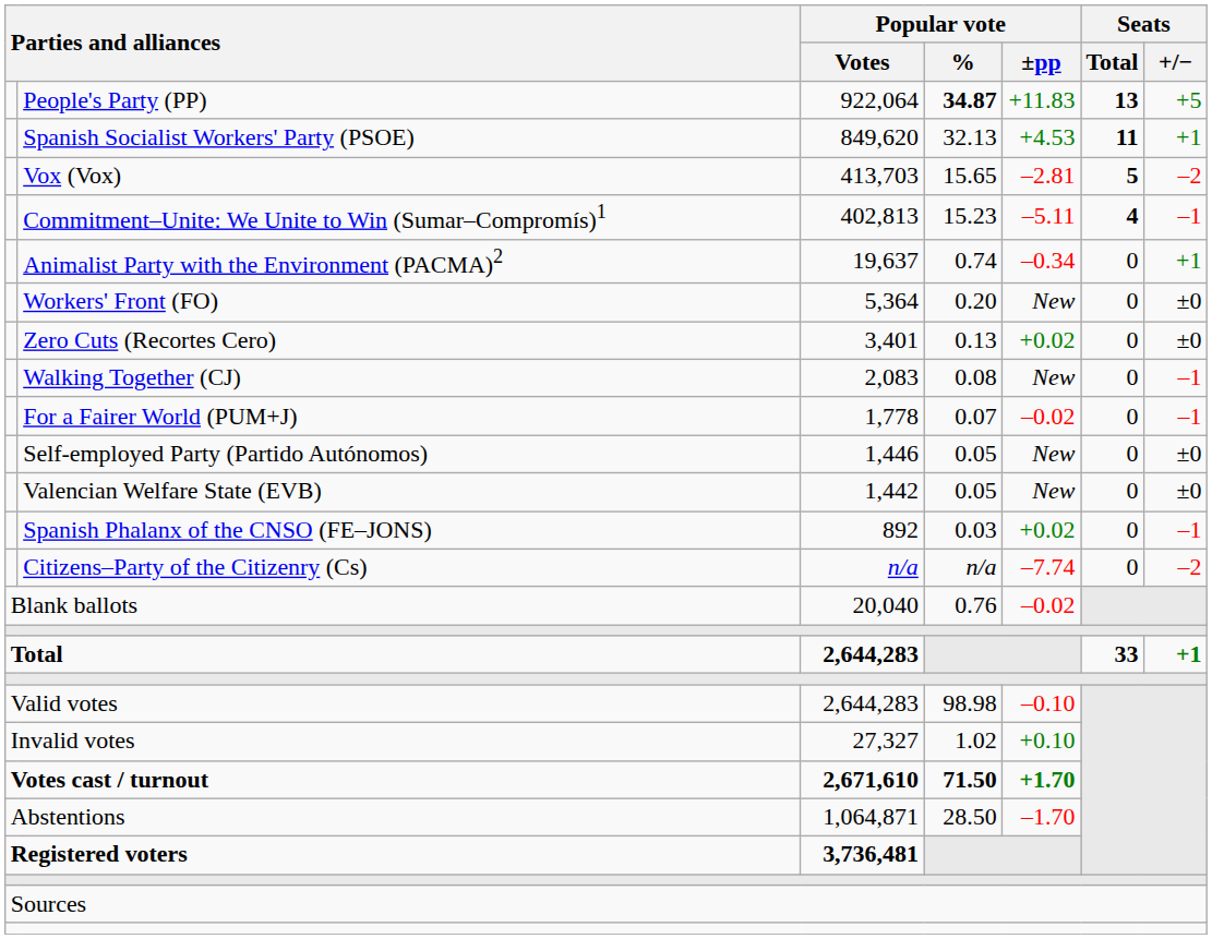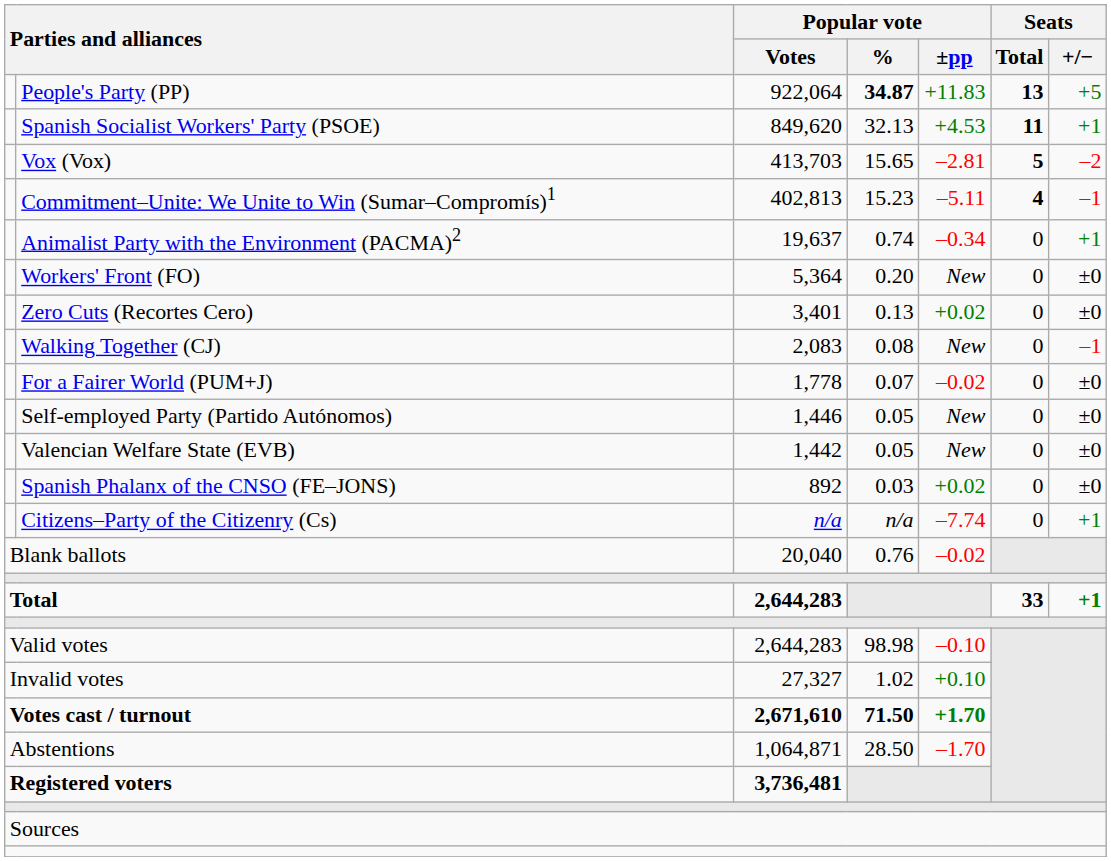 <table class="wikitable" style="text-align:right;">
 <tr>
 <th style="text-align:left;" rowspan="2" colspan="2" width="525">Parties and alliances</th>
 <th colspan="3">Popular vote</th>
 <th colspan="2">Seats</th>
 </tr>
 <tr>
 <th width="75">Votes</th>
 <th width="45">%</th>
 <th width="45">±<a href='#'>pp</a></th>
 <th width="35">Total</th>
 <th width="35">+/−</th>
 </tr>
 <tr>
 <td width="1" style="color:inherit;background:"></td>
 <td align="left"><a href='#'>People's Party</a> (PP)</td>
 <td>922,064</td>
 <td><strong>34.87</strong></td>
 <td style="color:green;">+11.83</td>
 <td><strong>13</strong></td>
 <td style="color:green;">+5</td>
 </tr>
 <tr>
 <td style="color:inherit;background:"></td>
 <td align="left"><a href='#'>Spanish Socialist Workers' Party</a> (PSOE)</td>
 <td>849,620</td>
 <td>32.13</td>
 <td style="color:green;">+4.53</td>
 <td><strong>11</strong></td>
 <td style="color:green;">+1</td>
 </tr>
 <tr>
 <td style="color:inherit;background:"></td>
 <td align="left"><a href='#'>Vox</a> (Vox)</td>
 <td>413,703</td>
 <td>15.65</td>
 <td style="color:red;">–2.81</td>
 <td><strong>5</strong></td>
 <td style="color:red;">–2</td>
 </tr>
 <tr>
 <td style="color:inherit;background:"></td>
 <td align="left"><a href='#'>Commitment–Unite: We Unite to Win</a> (Sumar–Compromís)<sup>1</sup></td>
 <td>402,813</td>
 <td>15.23</td>
 <td style="color:red;">–5.11</td>
 <td><strong>4</strong></td>
 <td style="color:red;">–1</td>
 </tr>
 <tr>
 <td style="color:inherit;background:"></td>
 <td align="left"><a href='#'>Animalist Party with the Environment</a> (PACMA)<sup>2</sup></td>
 <td>19,637</td>
 <td>0.74</td>
 <td style="color:red;">–0.34</td>
 <td>0</td>
 <td style="color:green;">+1</td>
 </tr>
 <tr>
 <td style="color:inherit;background:"></td>
 <td align="left"><a href='#'>Workers' Front</a> (FO)</td>
 <td>5,364</td>
 <td>0.20</td>
 <td><em>New</em></td>
 <td>0</td>
 <td>±0</td>
 </tr>
 <tr>
 <td style="color:inherit;background:"></td>
 <td align="left"><a href='#'>Zero Cuts</a> (Recortes Cero)</td>
 <td>3,401</td>
 <td>0.13</td>
 <td style="color:green;">+0.02</td>
 <td>0</td>
 <td>±0</td>
 </tr>
 <tr>
 <td style="color:inherit;background:"></td>
 <td align="left"><a href='#'>Walking Together</a> (CJ)</td>
 <td>2,083</td>
 <td>0.08</td>
 <td><em>New</em></td>
 <td>0</td>
 <td style="color:red;">–1</td>
 </tr>
 <tr>
 <td style="color:inherit;background:"></td>
 <td align="left"><a href='#'>For a Fairer World</a> (PUM+J)</td>
 <td>1,778</td>
 <td>0.07</td>
 <td style="color:red;">–0.02</td>
 <td>0</td>
-<td style="color:red;">–1</td>
+<td>±0</td>
 </tr>
 <tr>
 <td style="color:inherit;background:"></td>
 <td align="left">Self-employed Party (Partido Autónomos)</td>
 <td>1,446</td>
 <td>0.05</td>
 <td><em>New</em></td>
 <td>0</td>
 <td>±0</td>
 </tr>
 <tr>
 <td style="color:inherit;background:"></td>
 <td align="left">Valencian Welfare State (EVB)</td>
 <td>1,442</td>
 <td>0.05</td>
 <td><em>New</em></td>
 <td>0</td>
 <td>±0</td>
 </tr>
 <tr>
 <td style="color:inherit;background:"></td>
 <td align="left"><a href='#'>Spanish Phalanx of the CNSO</a> (FE–JONS)</td>
 <td>892</td>
 <td>0.03</td>
 <td style="color:green;">+0.02</td>
 <td>0</td>
-<td style="color:red;">–1</td>
+<td>±0</td>
 </tr>
 <tr>
 <td style="color:inherit;background:"></td>
 <td align="left"><a href='#'>Citizens–Party of the Citizenry</a> (Cs)</td>
 <td><em><a href='#'>n/a</a></em></td>
 <td><em>n/a</em></td>
 <td style="color:red;">–7.74</td>
 <td>0</td>
-<td style="color:red;">–2</td>
+<td style="color:green;">+1</td>
 </tr>
 <tr>
 <td align="left" colspan="2">Blank ballots</td>
 <td>20,040</td>
 <td>0.76</td>
 <td style="color:red;">–0.02</td>
 <td bgcolor="#E9E9E9" colspan="2"></td>
 </tr>
 <tr>
 <td colspan="7" bgcolor="#E9E9E9"></td>
 </tr>
 <tr style="font-weight:bold;">
 <td align="left" colspan="2">Total</td>
 <td>2,644,283</td>
 <td bgcolor="#E9E9E9" colspan="2"></td>
 <td>33</td>
 <td style="color:green;">+1</td>
 </tr>
 <tr>
 <td colspan="7" bgcolor="#E9E9E9"></td>
 </tr>
 <tr>
 <td align="left" colspan="2">Valid votes</td>
 <td>2,644,283</td>
 <td>98.98</td>
 <td style="color:red;">–0.10</td>
 <td bgcolor="#E9E9E9" colspan="2" rowspan="5"></td>
 </tr>
 <tr>
 <td align="left" colspan="2">Invalid votes</td>
 <td>27,327</td>
 <td>1.02</td>
 <td style="color:green;">+0.10</td>
 </tr>
 <tr style="font-weight:bold;">
 <td align="left" colspan="2">Votes cast / turnout</td>
 <td>2,671,610</td>
 <td>71.50</td>
 <td style="color:green;">+1.70</td>
 </tr>
 <tr>
 <td align="left" colspan="2">Abstentions</td>
 <td>1,064,871</td>
 <td>28.50</td>
 <td style="color:red;">–1.70</td>
 </tr>
 <tr style="font-weight:bold;">
 <td align="left" colspan="2">Registered voters</td>
 <td>3,736,481</td>
 <td bgcolor="#E9E9E9" colspan="2"></td>
 </tr>
 <tr>
 <td colspan="7" bgcolor="#E9E9E9"></td>
 </tr>
 <tr>
 <td align="left" colspan="7">Sources</td>
 </tr>
 <tr>
 <td colspan="7" style="text-align:left; max-width:790px;"></td>
 </tr>
 </table>
